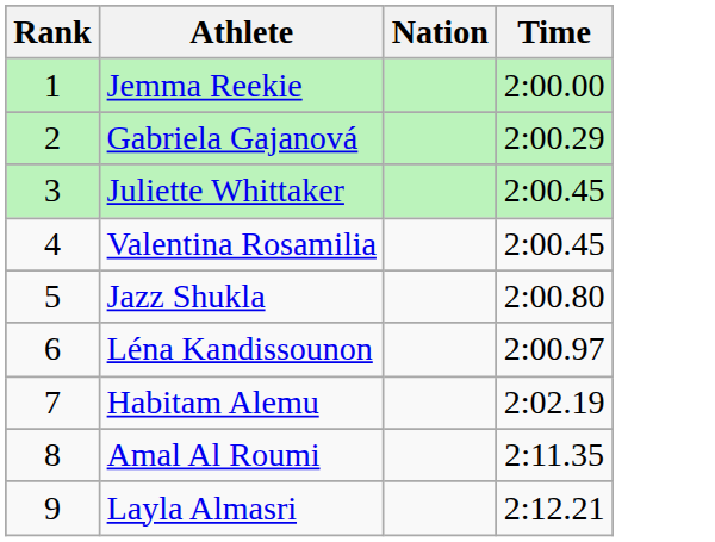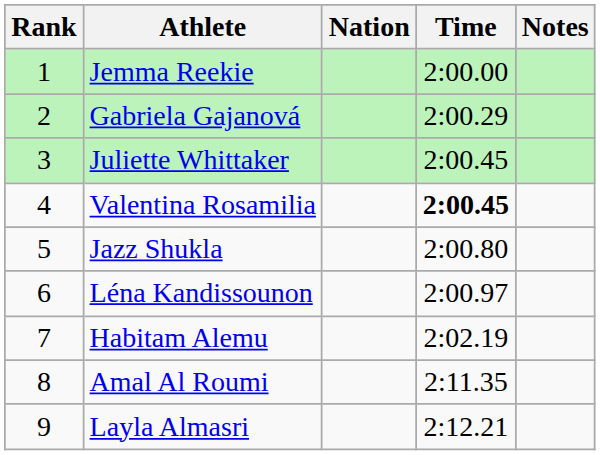 <table class="wikitable sortable" style="text-align:center;">
 <tr>
 <th>Rank</th>
 <th>Athlete</th>
 <th>Nation</th>
 <th>Time</th>
+<th>Notes</th>
 </tr>
 <tr bgcolor=bbf3bb>
 <td>1</td>
 <td align=left><a href='#'>Jemma Reekie</a></td>
 <td align=left></td>
 <td>2:00.00</td>
+<td></td>
 </tr>
 <tr bgcolor=bbf3bb>
 <td>2</td>
 <td align=left><a href='#'>Gabriela Gajanová</a></td>
 <td align=left></td>
 <td>2:00.29</td>
+<td></td>
 </tr>
 <tr bgcolor=bbf3bb>
 <td>3</td>
 <td align=left><a href='#'>Juliette Whittaker</a></td>
 <td align=left></td>
 <td>2:00.45</td>
+<td></td>
 </tr>
 <tr>
 <td>4</td>
 <td align=left><a href='#'>Valentina Rosamilia</a></td>
 <td align=left></td>
-<td>2:00.45</td>
+<td><strong>2:00.45</strong></td>
+<td></td>
 </tr>
 <tr>
 <td>5</td>
 <td align=left><a href='#'>Jazz Shukla</a></td>
 <td align=left></td>
 <td>2:00.80</td>
+<td></td>
 </tr>
 <tr>
 <td>6</td>
 <td align=left><a href='#'>Léna Kandissounon</a></td>
 <td align=left></td>
 <td>2:00.97</td>
+<td></td>
 </tr>
 <tr>
 <td>7</td>
 <td align=left><a href='#'>Habitam Alemu</a></td>
 <td align=left></td>
 <td>2:02.19</td>
+<td></td>
 </tr>
 <tr>
 <td>8</td>
 <td align=left><a href='#'>Amal Al Roumi</a></td>
 <td align=left></td>
 <td>2:11.35</td>
+<td></td>
 </tr>
 <tr>
 <td>9</td>
 <td align=left><a href='#'>Layla Almasri</a></td>
 <td align=left></td>
 <td>2:12.21</td>
+<td></td>
 </tr>
 </table>
